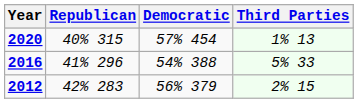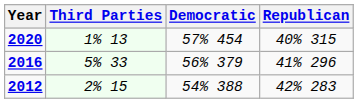 <table class="wikitable" style="float:right; font-size:95%;">
 <tr bgcolor=lightgrey>
 <th>Year</th>
+<th><a href='#'>Third Parties</a></th>
+<th><a href='#'>Democratic</a></th>
 <th><a href='#'>Republican</a></th>
-<th><a href='#'>Democratic</a></th>
-<th><a href='#'>Third Parties</a></th>
 </tr>
 <tr>
 <td style="text-align:center; "><strong><a href='#'>2020</a></strong></td>
+<td style="text-align:center; background:honeyDew;"><em>1%</em> <em>13</em></td>
+<td style="text-align:center; "><em>57%</em> <em>454</em></td>
 <td style="text-align:center; "><em>40%</em> <em>315</em></td>
-<td style="text-align:center; "><em>57%</em> <em>454</em></td>
-<td style="text-align:center; background:honeyDew;"><em>1%</em> <em>13</em></td>
 </tr>
 <tr>
 <td style="text-align:center; "><strong><a href='#'>2016</a></strong></td>
+<td style="text-align:center; background:honeyDew;"><em>5%</em> <em>33</em></td>
+<td style="text-align:center; "><em>56%</em> <em>379</em></td>
 <td style="text-align:center; "><em>41%</em> <em>296</em></td>
-<td style="text-align:center; "><em>54%</em> <em>388</em></td>
-<td style="text-align:center; background:honeyDew;"><em>5%</em> <em>33</em></td>
 </tr>
 <tr>
 <td style="text-align:center; "><strong><a href='#'>2012</a></strong></td>
+<td style="text-align:center; background:honeyDew;"><em>2%</em> <em>15</em></td>
+<td style="text-align:center; "><em>54%</em> <em>388</em></td>
 <td style="text-align:center; "><em>42%</em> <em>283</em></td>
-<td style="text-align:center; "><em>56%</em> <em>379</em></td>
-<td style="text-align:center; background:honeyDew;"><em>2%</em> <em>15</em></td>
 </tr>
 </table>
